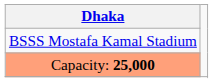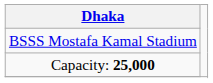 <table class="wikitable" style="text-align:center; margin:0.2em auto;">
 <tr>
 <th><a href='#'>Dhaka</a></th>
 <td rowspan="4"></td>
 </tr>
 <tr>
 <td><a href='#'>BSSS Mostafa Kamal Stadium</a></td>
 </tr>
 <tr>
-<td style="background: lightsalmon;">Capacity: <strong>25,000 </strong></td>
+<td>Capacity: <strong>25,000 </strong></td>
 </tr>
 <tr>
 </tr>
 </table>
